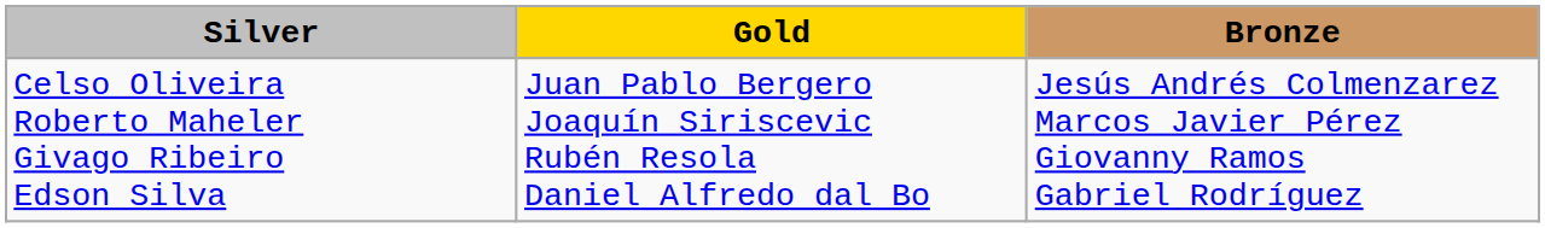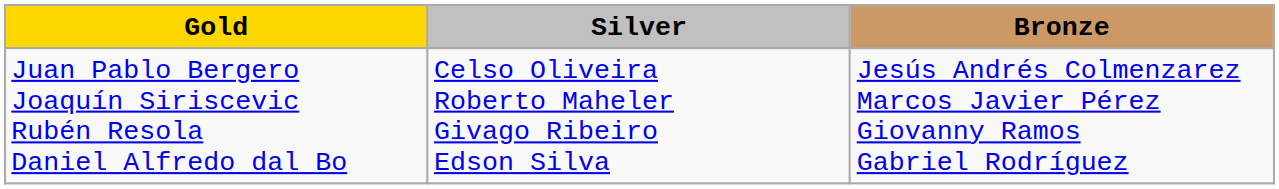 <table class="wikitable" style="text-align:left">
 <tr align="center">
+<td width=200 bgcolor=gold><strong>Gold</strong></td>
 <td width=200 bgcolor=silver><strong>Silver</strong></td>
-<td width=200 bgcolor=gold><strong>Gold</strong></td>
 <td width=200 bgcolor=CC9966><strong>Bronze</strong></td>
 </tr>
 <tr>
+<td><a href='#'>Juan Pablo Bergero</a><br><a href='#'>Joaquín Siriscevic</a><br><a href='#'>Rubén Resola</a><br><a href='#'>Daniel Alfredo dal Bo</a><br><em></em></td>
 <td><a href='#'>Celso Oliveira</a><br><a href='#'>Roberto Maheler</a><br><a href='#'>Givago Ribeiro</a><br><a href='#'>Edson Silva</a><br><em></em></td>
-<td><a href='#'>Juan Pablo Bergero</a><br><a href='#'>Joaquín Siriscevic</a><br><a href='#'>Rubén Resola</a><br><a href='#'>Daniel Alfredo dal Bo</a><br><em></em></td>
 <td><a href='#'>Jesús Andrés Colmenzarez</a><br><a href='#'>Marcos Javier Pérez</a><br><a href='#'>Giovanny Ramos</a><br><a href='#'>Gabriel Rodríguez</a><br><em></em></td>
 </tr>
 </table>
